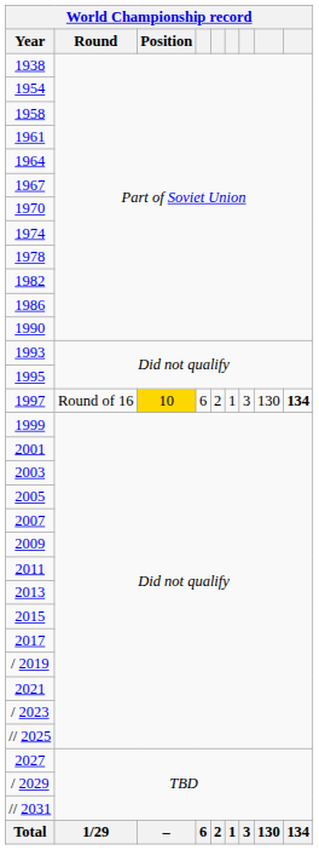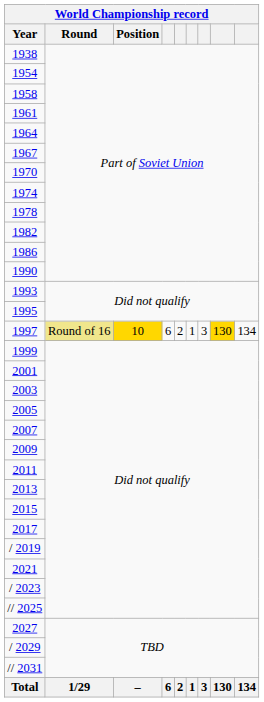 <table class="wikitable" style="text-align: center;">
 <tr>
 <th colspan=9><a href='#'>World Championship record</a></th>
 </tr>
 <tr>
 <th>Year</th>
 <th>Round</th>
 <th>Position</th>
 <th></th>
 <th></th>
 <th></th>
 <th></th>
 <th></th>
 <th></th>
 </tr>
 <tr>
 <td> <a href='#'>1938</a></td>
 <td colspan="8" rowspan="12"><em>Part of <a href='#'>Soviet Union</a></em></td>
 </tr>
 <tr>
 <td> <a href='#'>1954</a></td>
 </tr>
 <tr>
 <td> <a href='#'>1958</a></td>
 </tr>
 <tr>
 <td> <a href='#'>1961</a></td>
 </tr>
 <tr>
 <td> <a href='#'>1964</a></td>
 </tr>
 <tr>
 <td> <a href='#'>1967</a></td>
 </tr>
 <tr>
 <td> <a href='#'>1970</a></td>
 </tr>
 <tr>
 <td> <a href='#'>1974</a></td>
 </tr>
 <tr>
 <td> <a href='#'>1978</a></td>
 </tr>
 <tr>
 <td> <a href='#'>1982</a></td>
 </tr>
 <tr>
 <td> <a href='#'>1986</a></td>
 </tr>
 <tr>
 <td> <a href='#'>1990</a></td>
 </tr>
 <tr>
 <td> <a href='#'>1993</a></td>
 <td colspan="8" rowspan="2"><em>Did not qualify</em></td>
 </tr>
 <tr>
 <td> <a href='#'>1995</a></td>
 </tr>
 <tr>
 <td> <a href='#'>1997</a></td>
-<td>Round of 16</td>
+<td style="background: khaki;">Round of 16</td>
 <td style="background: gold;">10</td>
 <td>6</td>
 <td>2</td>
 <td>1</td>
 <td>3</td>
-<td>130</td>
-<td><strong>134</strong></td>
+<td style="background: gold;">130</td>
+<td>134</td>
 </tr>
 <tr>
 <td> <a href='#'>1999</a></td>
 <td colspan="8" rowspan="14"><em>Did not qualify</em></td>
 </tr>
 <tr>
 <td> <a href='#'>2001</a></td>
 </tr>
 <tr>
 <td> <a href='#'>2003</a></td>
 </tr>
 <tr>
 <td> <a href='#'>2005</a></td>
 </tr>
 <tr>
 <td> <a href='#'>2007</a></td>
 </tr>
 <tr>
 <td> <a href='#'>2009</a></td>
 </tr>
 <tr>
 <td> <a href='#'>2011</a></td>
 </tr>
 <tr>
 <td> <a href='#'>2013</a></td>
 </tr>
 <tr>
 <td> <a href='#'>2015</a></td>
 </tr>
 <tr>
 <td> <a href='#'>2017</a></td>
 </tr>
 <tr>
 <td>/ <a href='#'>2019</a></td>
 </tr>
 <tr>
 <td> <a href='#'>2021</a></td>
 </tr>
 <tr>
 <td>/ <a href='#'>2023</a></td>
 </tr>
 <tr>
 <td>// <a href='#'>2025</a></td>
 </tr>
 <tr>
 <td> <a href='#'>2027</a></td>
 <td colspan="8" rowspan="3"><em>TBD</em></td>
 </tr>
 <tr>
 <td>/ <a href='#'>2029</a></td>
 </tr>
 <tr>
 <td>// <a href='#'>2031</a></td>
 </tr>
 <tr>
 <th>Total</th>
 <th>1/29</th>
 <th>–</th>
 <th>6</th>
 <th>2</th>
 <th>1</th>
 <th>3</th>
 <th>130</th>
 <th>134</th>
 </tr>
 </table>
